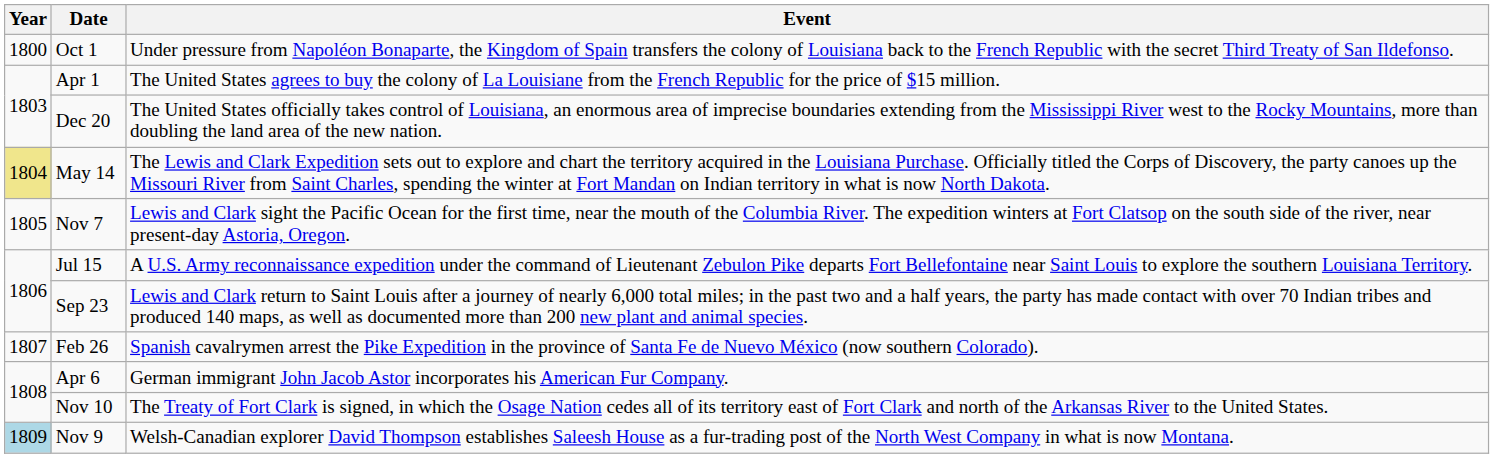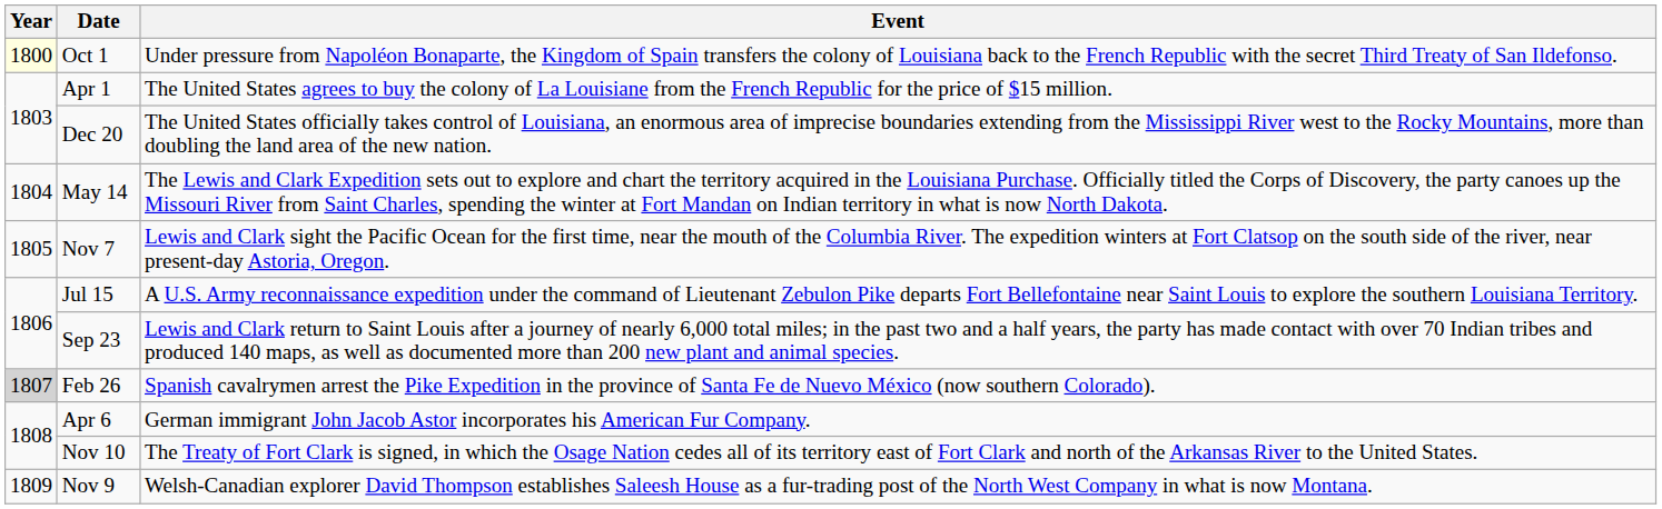 <table class=wikitable>
 <tr>
 <th>Year</th>
 <th width=55>Date</th>
 <th>Event</th>
 </tr>
 <tr>
-<td rowspan=1>1800</td>
+<td rowspan=1 style="background: lightyellow;">1800</td>
 <td>Oct 1</td>
 <td>Under pressure from <a href='#'>Napoléon Bonaparte</a>, the <a href='#'>Kingdom of Spain</a> transfers the colony of <a href='#'>Louisiana</a> back to the <a href='#'>French Republic</a> with the secret <a href='#'>Third Treaty of San Ildefonso</a>.</td>
 </tr>
 <tr>
 <td rowspan=2>1803</td>
 <td>Apr 1</td>
 <td>The United States <a href='#'>agrees to buy</a> the colony of <a href='#'>La Louisiane</a> from the <a href='#'>French Republic</a> for the price of <a href='#'>$</a>15 million.</td>
 </tr>
 <tr>
 <td>Dec 20</td>
 <td>The United States officially takes control of <a href='#'>Louisiana</a>, an enormous area of imprecise boundaries extending from the <a href='#'>Mississippi River</a> west to the <a href='#'>Rocky Mountains</a>, more than doubling the land area of the new nation.</td>
 </tr>
 <tr>
-<td rowspan=1 style="background: khaki;">1804</td>
+<td rowspan=1>1804</td>
 <td>May 14</td>
 <td>The <a href='#'>Lewis and Clark Expedition</a> sets out to explore and chart the territory acquired in the <a href='#'>Louisiana Purchase</a>. Officially titled the Corps of Discovery, the party canoes up the <a href='#'>Missouri River</a> from <a href='#'>Saint Charles</a>, spending the winter at <a href='#'>Fort Mandan</a> on Indian territory in what is now <a href='#'>North Dakota</a>.</td>
 </tr>
 <tr>
 <td rowspan=1>1805</td>
 <td>Nov 7</td>
 <td><a href='#'>Lewis and Clark</a> sight the Pacific Ocean for the first time, near the mouth of the <a href='#'>Columbia River</a>. The expedition winters at <a href='#'>Fort Clatsop</a> on the south side of the river, near present-day <a href='#'>Astoria, Oregon</a>.</td>
 </tr>
 <tr>
 <td rowspan=2>1806</td>
 <td>Jul 15</td>
 <td>A <a href='#'>U.S. Army reconnaissance expedition</a> under the command of Lieutenant <a href='#'>Zebulon Pike</a> departs <a href='#'>Fort Bellefontaine</a> near <a href='#'>Saint Louis</a> to explore the southern <a href='#'>Louisiana Territory</a>.</td>
 </tr>
 <tr>
 <td>Sep 23</td>
 <td><a href='#'>Lewis and Clark</a> return to Saint Louis after a journey of nearly 6,000 total miles; in the past two and a half years, the party has made contact with over 70 Indian tribes and produced 140 maps, as well as documented more than 200 <a href='#'>new plant and animal species</a>.</td>
 </tr>
 <tr>
-<td rowspan=1>1807</td>
+<td rowspan=1 style="background: lightgrey;">1807</td>
 <td>Feb 26</td>
 <td><a href='#'>Spanish</a> cavalrymen arrest the <a href='#'>Pike Expedition</a> in the province of <a href='#'>Santa Fe de Nuevo México</a> (now southern <a href='#'>Colorado</a>).</td>
 </tr>
 <tr>
 <td rowspan=2>1808</td>
 <td>Apr 6</td>
 <td>German immigrant <a href='#'>John Jacob Astor</a> incorporates his <a href='#'>American Fur Company</a>.</td>
 </tr>
 <tr>
 <td>Nov 10</td>
 <td>The <a href='#'>Treaty of Fort Clark</a> is signed, in which the <a href='#'>Osage Nation</a> cedes all of its territory east of <a href='#'>Fort Clark</a> and north of the <a href='#'>Arkansas River</a> to the United States.</td>
 </tr>
 <tr>
-<td rowspan=1 style="background: lightblue;">1809</td>
+<td rowspan=1>1809</td>
 <td>Nov 9</td>
 <td>Welsh-Canadian explorer <a href='#'>David Thompson</a> establishes <a href='#'>Saleesh House</a> as a fur-trading post of the <a href='#'>North West Company</a> in what is now <a href='#'>Montana</a>.</td>
 </tr>
 </table>
